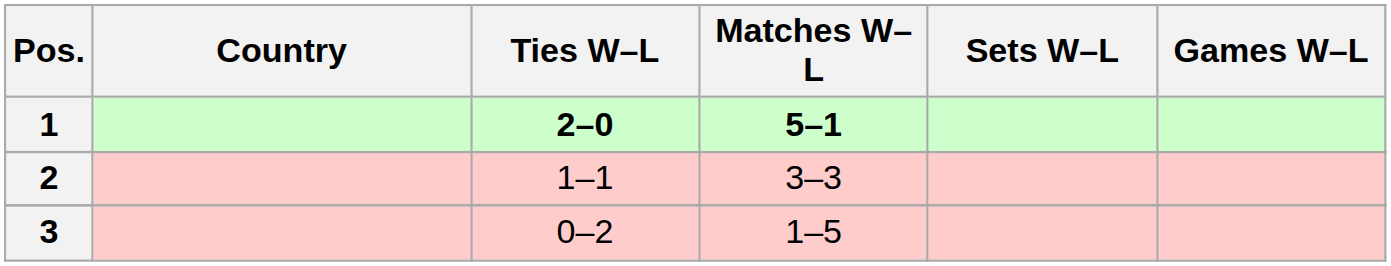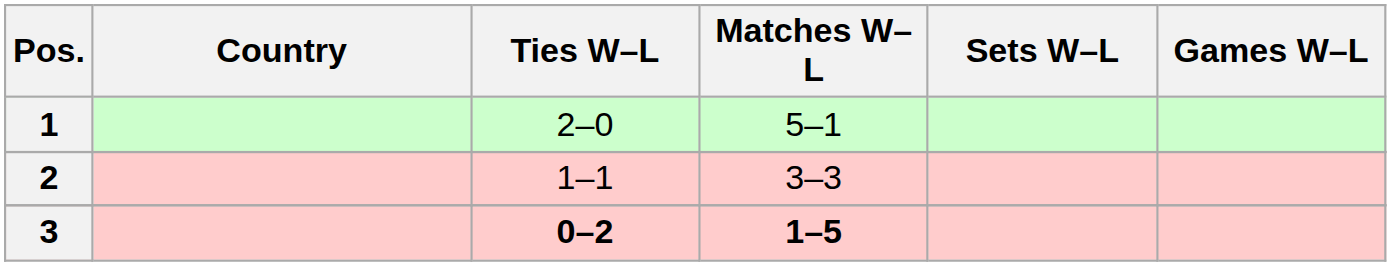 <table class="wikitable nowrap" style=text-align:center>
 <tr>
 <th>Pos.</th>
 <th width=170>Country</th>
 <th width=100>Ties W–L</th>
 <th width=100>Matches W–L</th>
 <th width=100>Sets W–L</th>
 <th width=100>Games W–L</th>
 </tr>
 <tr style=background:#ccffcc>
 <th>1</th>
 <td align=left></td>
-<td><strong>2–0</strong></td>
-<td><strong>5–1</strong></td>
+<td>2–0</td>
+<td>5–1</td>
 <td></td>
 <td></td>
 </tr>
 <tr>
 </tr>
 <tr style=background:#ffcccc>
 <th>2</th>
 <td align=left> </td>
 <td>1–1</td>
 <td>3–3</td>
 <td></td>
 <td></td>
 </tr>
 <tr>
 </tr>
 <tr style=background:#ffcccc>
 <th>3</th>
 <td align=left></td>
-<td>0–2</td>
-<td>1–5</td>
+<td><strong>0–2</strong></td>
+<td><strong>1–5</strong></td>
 <td></td>
 <td></td>
 </tr>
 </table>
